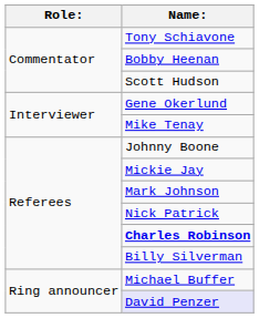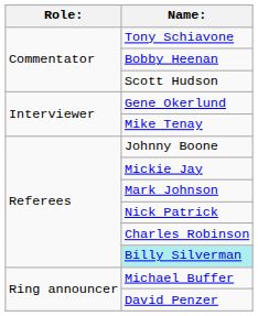 <table class=wikitable style="font-size:90%; margin: 0.5em 0 0.5em 1em; float: right; clear: right;">
 <tr>
 <th>Role:</th>
 <th>Name:</th>
 </tr>
 <tr>
 <td rowspan=3>Commentator</td>
 <td><a href='#'>Tony Schiavone</a></td>
 </tr>
 <tr>
 <td><a href='#'>Bobby Heenan</a></td>
 </tr>
 <tr>
 <td>Scott Hudson</td>
 </tr>
 <tr>
 <td rowspan=2>Interviewer</td>
 <td><a href='#'>Gene Okerlund</a></td>
 </tr>
 <tr>
 <td><a href='#'>Mike Tenay</a></td>
 </tr>
 <tr>
 <td rowspan=6>Referees</td>
 <td>Johnny Boone</td>
 </tr>
 <tr>
 <td><a href='#'>Mickie Jay</a></td>
 </tr>
 <tr>
 <td><a href='#'>Mark Johnson</a></td>
 </tr>
 <tr>
 <td><a href='#'>Nick Patrick</a></td>
 </tr>
 <tr>
-<td><strong><a href='#'>Charles Robinson</a></strong></td>
+<td><a href='#'>Charles Robinson</a></td>
 </tr>
 <tr>
-<td><a href='#'>Billy Silverman</a></td>
+<td style="background: paleturquoise;"><a href='#'>Billy Silverman</a></td>
 </tr>
 <tr>
 <td rowspan=2>Ring announcer</td>
 <td><a href='#'>Michael Buffer</a></td>
 </tr>
 <tr>
-<td style="background: lavender;"><a href='#'>David Penzer</a></td>
+<td><a href='#'>David Penzer</a></td>
 </tr>
 </table>
